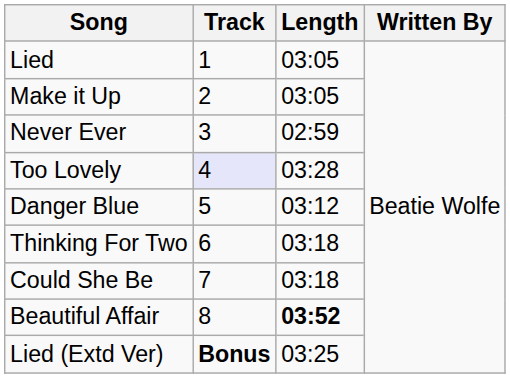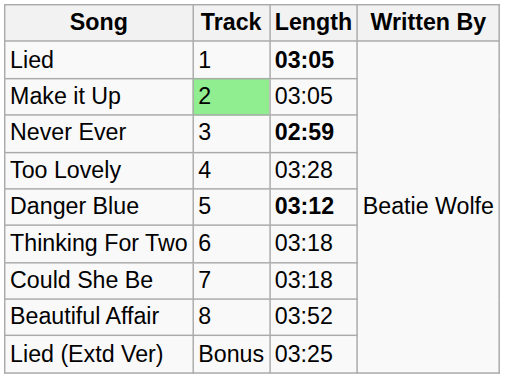 <table class="wikitable">
 <tr>
 <th>Song</th>
 <th>Track</th>
 <th>Length</th>
 <th>Written By</th>
 </tr>
 <tr>
 <td>Lied</td>
 <td>1</td>
-<td>03:05</td>
+<td><strong>03:05</strong></td>
 <td rowspan=9>Beatie Wolfe</td>
 </tr>
 <tr>
 <td>Make it Up</td>
-<td>2</td>
+<td style="background: lightgreen;">2</td>
 <td>03:05</td>
 </tr>
 <tr>
 <td>Never Ever</td>
 <td>3</td>
-<td>02:59</td>
+<td><strong>02:59</strong></td>
 </tr>
 <tr>
 <td>Too Lovely</td>
-<td style="background: lavender;">4</td>
+<td>4</td>
 <td>03:28</td>
 </tr>
 <tr>
 <td>Danger Blue</td>
 <td>5</td>
-<td>03:12</td>
+<td><strong>03:12</strong></td>
 </tr>
 <tr>
 <td>Thinking For Two</td>
 <td>6</td>
 <td>03:18</td>
 </tr>
 <tr>
 <td>Could She Be</td>
 <td>7</td>
 <td>03:18</td>
 </tr>
 <tr>
 <td>Beautiful Affair</td>
 <td>8</td>
-<td><strong>03:52</strong></td>
+<td>03:52</td>
 </tr>
 <tr>
 <td>Lied (Extd Ver)</td>
-<td><strong>Bonus</strong></td>
+<td>Bonus</td>
 <td>03:25</td>
 </tr>
 </table>
